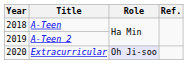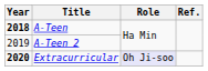 <table class="wikitable sortable plainrowheaders">
 <tr>
 <th>Year</th>
 <th>Title</th>
 <th>Role</th>
 <th>Ref.</th>
 </tr>
 <tr>
-<td>2018</td>
+<td><strong>2018</strong></td>
 <td><em><a href='#'>A-Teen</a></em></td>
 <td rowspan=2>Ha Min</td>
 <td rowspan="2"></td>
 </tr>
 <tr>
 <td>2019</td>
 <td><em><a href='#'>A-Teen 2</a></em></td>
 </tr>
 <tr>
-<td>2020</td>
+<td><strong>2020</strong></td>
 <td><em><a href='#'>Extracurricular</a></em></td>
 <td style="background: lavender;">Oh Ji-soo</td>
 <td></td>
 </tr>
 </table>
